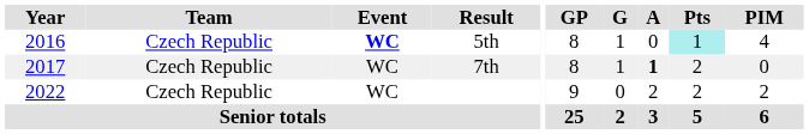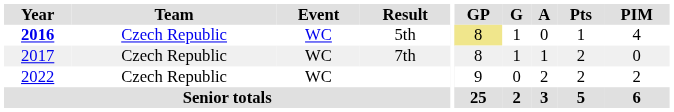 <table border="0" cellpadding="1" cellspacing="0" ID="Table3" style="text-align:center; width:40em">
 <tr ALIGN="center" bgcolor="#e0e0e0">
 <th>Year</th>
 <th>Team</th>
 <th>Event</th>
 <th>Result</th>
 <th rowspan="99" bgcolor="#ffffff"></th>
 <th>GP</th>
 <th>G</th>
 <th>A</th>
 <th>Pts</th>
 <th>PIM</th>
 </tr>
 <tr>
-<td><a href='#'>2016</a></td>
+<td><strong><a href='#'>2016</a></strong></td>
 <td><a href='#'>Czech Republic</a></td>
-<td><strong><a href='#'>WC</a></strong></td>
+<td><a href='#'>WC</a></td>
 <td>5th</td>
-<td>8</td>
+<td style="background: khaki;">8</td>
 <td>1</td>
 <td>0</td>
-<td style="background: paleturquoise;">1</td>
+<td>1</td>
 <td>4</td>
 </tr>
 <tr bgcolor="#f0f0f0">
 <td><a href='#'>2017</a></td>
 <td>Czech Republic</td>
 <td>WC</td>
 <td>7th</td>
 <td>8</td>
 <td>1</td>
-<td><strong>1</strong></td>
+<td>1</td>
 <td>2</td>
 <td>0</td>
 </tr>
 <tr>
 <td><a href='#'>2022</a></td>
 <td>Czech Republic</td>
 <td>WC</td>
 <td></td>
 <td>9</td>
 <td>0</td>
 <td>2</td>
 <td>2</td>
 <td>2</td>
 </tr>
 <tr bgcolor="#e0e0e0">
 <th colspan="4">Senior totals</th>
 <th>25</th>
 <th>2</th>
 <th>3</th>
 <th>5</th>
 <th>6</th>
 </tr>
 </table>
